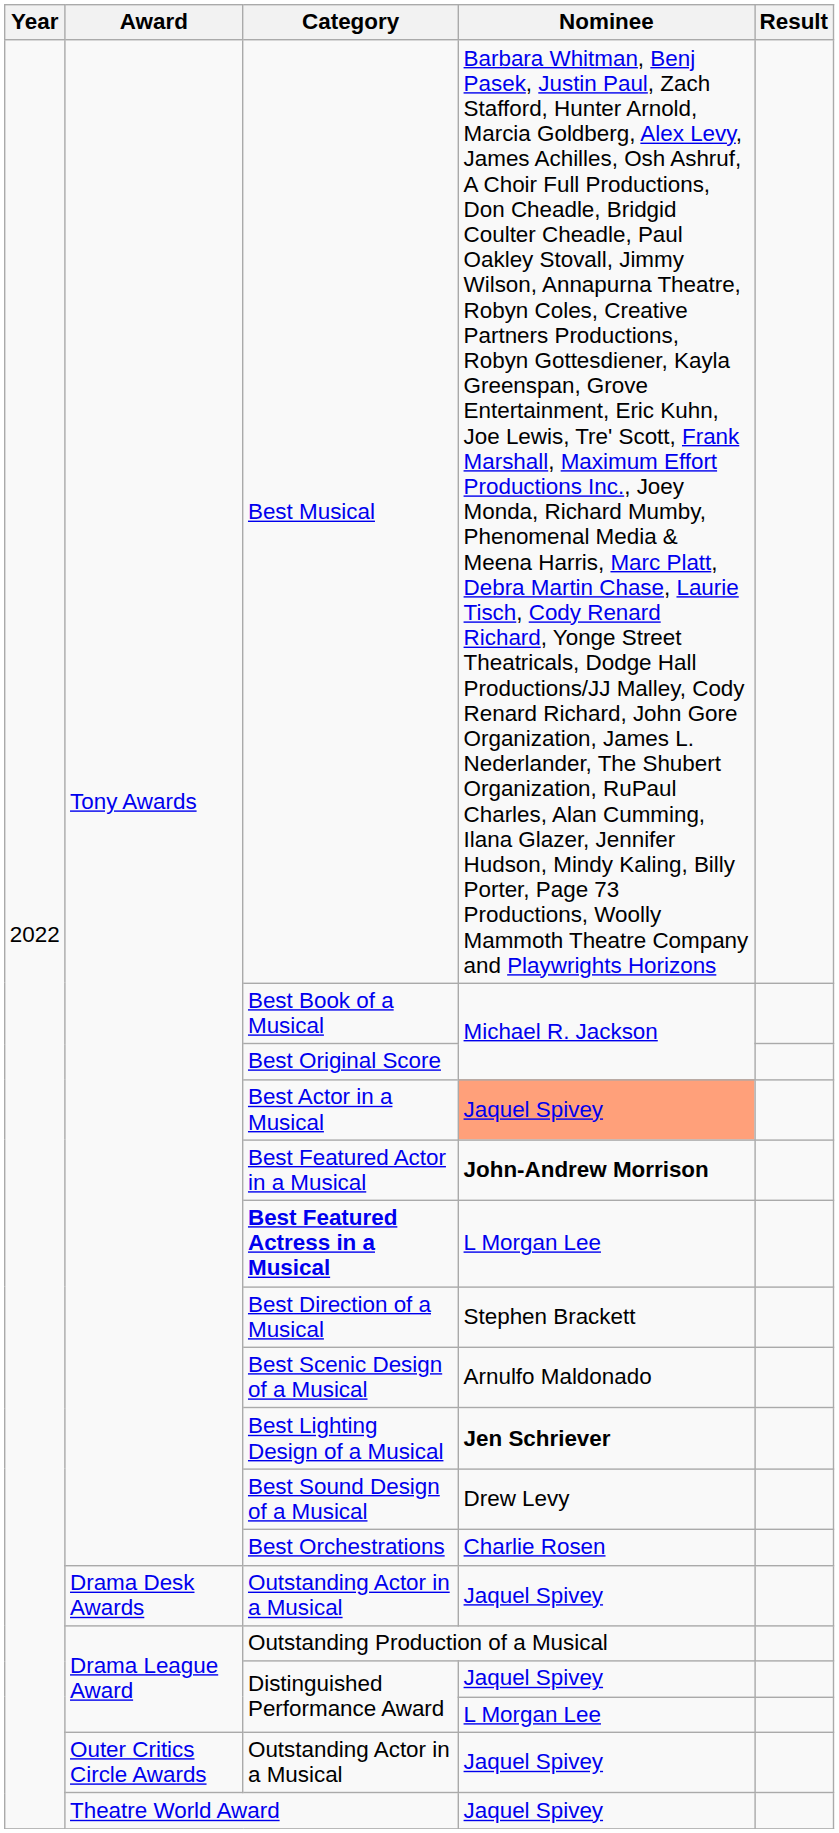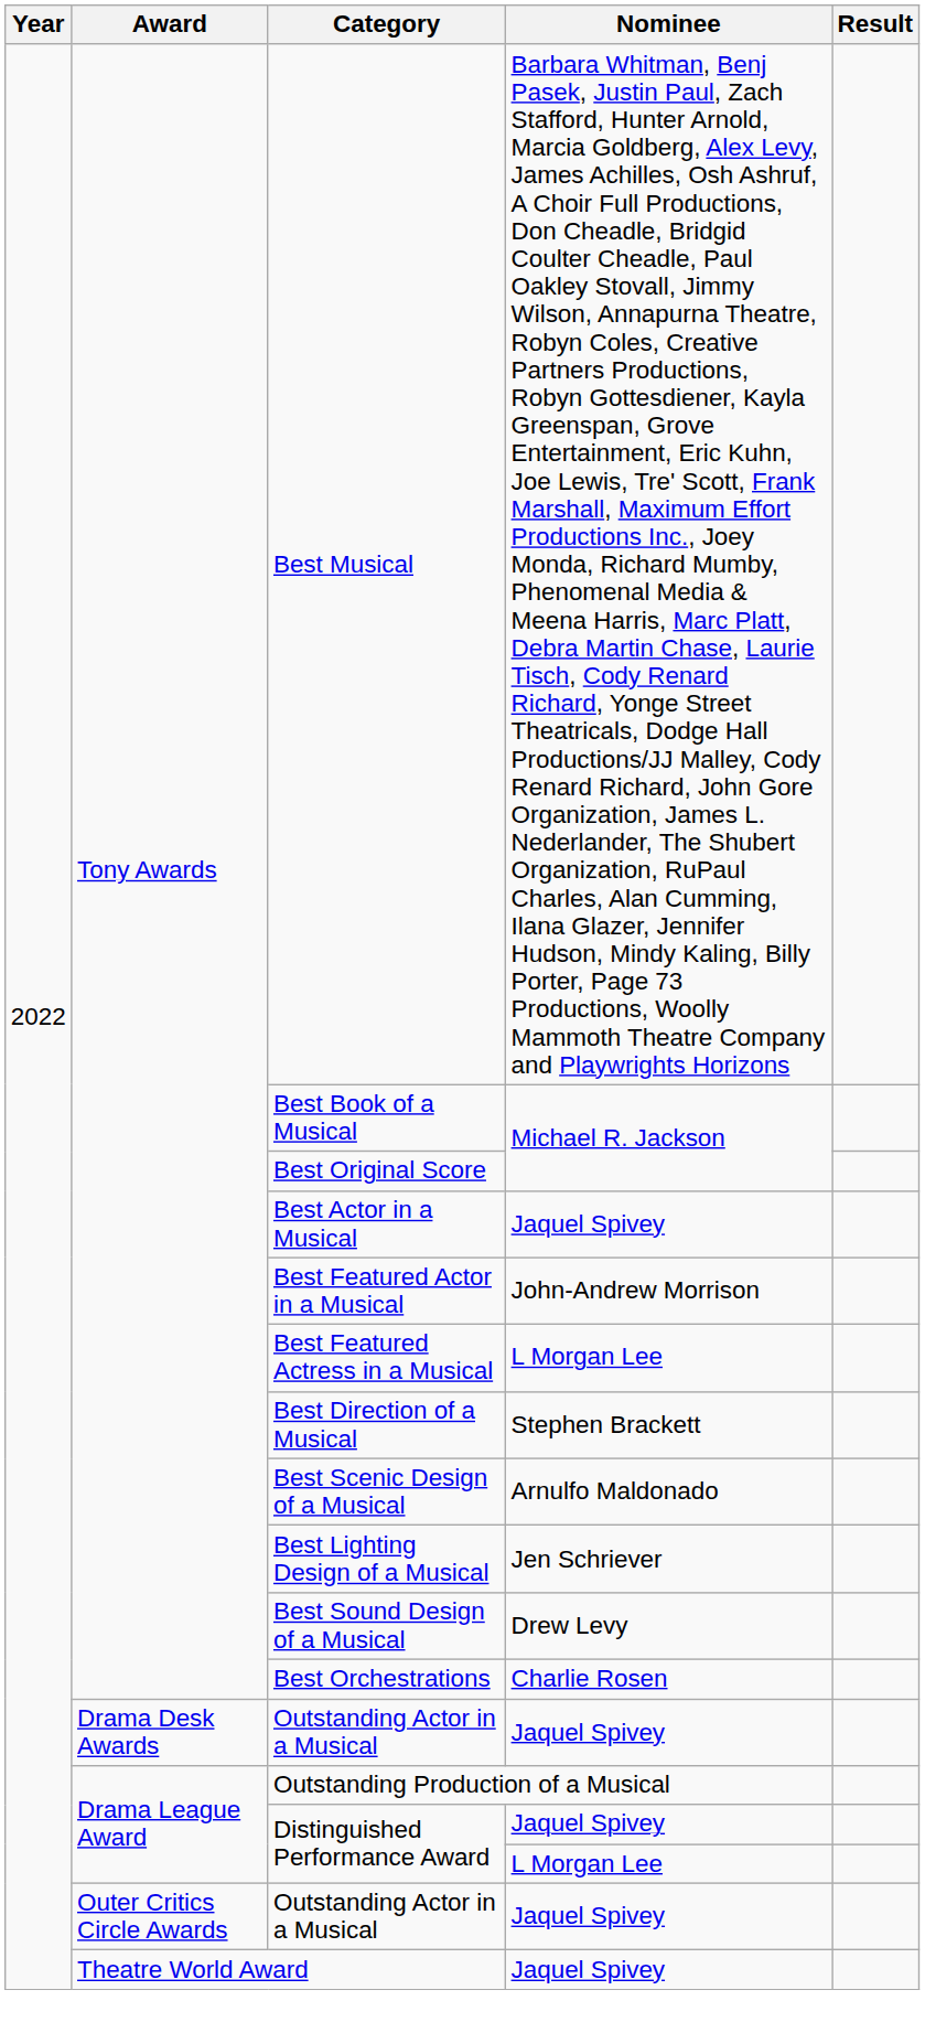 <table class="wikitable" width="95%">
 <tr>
 <th scope="col" width="3%">Year</th>
 <th scope="col" width="23%">Award</th>
 <th scope="col" width="27%">Category</th>
 <th scope="col" width="38%">Nominee</th>
 <th scope="col" width="8%">Result</th>
 </tr>
 <tr>
 <td rowspan="17">2022</td>
 <td rowspan="11"><a href='#'>Tony Awards</a></td>
 <td><a href='#'>Best Musical</a></td>
 <td><a href='#'>Barbara Whitman</a>, <a href='#'>Benj Pasek</a>, <a href='#'>Justin Paul</a>, Zach Stafford, Hunter Arnold, Marcia Goldberg, <a href='#'>Alex Levy</a>, James Achilles, Osh Ashruf, A Choir Full Productions, Don Cheadle, Bridgid Coulter Cheadle, Paul Oakley Stovall, Jimmy Wilson, Annapurna Theatre, Robyn Coles, Creative Partners Productions, Robyn Gottesdiener, Kayla Greenspan, Grove Entertainment, Eric Kuhn, Joe Lewis, Tre' Scott, <a href='#'>Frank Marshall</a>, <a href='#'>Maximum Effort Productions Inc.</a>, Joey Monda, Richard Mumby, Phenomenal Media & Meena Harris, <a href='#'>Marc Platt</a>, <a href='#'>Debra Martin Chase</a>, <a href='#'>Laurie Tisch</a>, <a href='#'>Cody Renard Richard</a>, Yonge Street Theatricals, Dodge Hall Productions/JJ Malley, Cody Renard Richard, John Gore Organization, James L. Nederlander, The Shubert Organization, RuPaul Charles, Alan Cumming, Ilana Glazer, Jennifer Hudson, Mindy Kaling, Billy Porter, Page 73 Productions, Woolly Mammoth Theatre Company and <a href='#'>Playwrights Horizons</a></td>
 <td></td>
 </tr>
 <tr>
 <td><a href='#'>Best Book of a Musical</a></td>
 <td rowspan="2"><a href='#'>Michael R. Jackson</a></td>
 <td></td>
 </tr>
 <tr>
 <td><a href='#'>Best Original Score</a></td>
 <td></td>
 </tr>
 <tr>
 <td><a href='#'>Best Actor in a Musical</a></td>
-<td style="background: lightsalmon;"><a href='#'>Jaquel Spivey</a></td>
+<td><a href='#'>Jaquel Spivey</a></td>
 <td></td>
 </tr>
 <tr>
 <td><a href='#'>Best Featured Actor in a Musical</a></td>
-<td><strong>John-Andrew Morrison</strong></td>
+<td>John-Andrew Morrison</td>
 <td></td>
 </tr>
 <tr>
-<td><strong><a href='#'>Best Featured Actress in a Musical</a></strong></td>
+<td><a href='#'>Best Featured Actress in a Musical</a></td>
 <td><a href='#'>L Morgan Lee</a></td>
 <td></td>
 </tr>
 <tr>
 <td><a href='#'>Best Direction of a Musical</a></td>
 <td>Stephen Brackett</td>
 <td></td>
 </tr>
 <tr>
 <td><a href='#'>Best Scenic Design of a Musical</a></td>
 <td>Arnulfo Maldonado</td>
 <td></td>
 </tr>
 <tr>
 <td><a href='#'>Best Lighting Design of a Musical</a></td>
-<td><strong>Jen Schriever</strong></td>
+<td>Jen Schriever</td>
 <td></td>
 </tr>
 <tr>
 <td><a href='#'>Best Sound Design of a Musical</a></td>
 <td>Drew Levy</td>
 <td></td>
 </tr>
 <tr>
 <td><a href='#'>Best Orchestrations</a></td>
 <td><a href='#'>Charlie Rosen</a></td>
 <td></td>
 </tr>
 <tr>
 <td><a href='#'>Drama Desk Awards</a></td>
 <td><a href='#'>Outstanding Actor in a Musical</a></td>
 <td><a href='#'>Jaquel Spivey</a></td>
 <td></td>
 </tr>
 <tr>
 <td rowspan="3"><a href='#'>Drama League Award</a></td>
 <td colspan="2">Outstanding Production of a Musical</td>
 <td></td>
 </tr>
 <tr>
 <td rowspan="2">Distinguished Performance Award</td>
 <td><a href='#'>Jaquel Spivey</a></td>
 <td></td>
 </tr>
 <tr>
 <td><a href='#'>L Morgan Lee</a></td>
 <td></td>
 </tr>
 <tr>
 <td><a href='#'>Outer Critics Circle Awards</a></td>
 <td>Outstanding Actor in a Musical</td>
 <td><a href='#'>Jaquel Spivey</a></td>
 <td></td>
 </tr>
 <tr>
 <td colspan="2"><a href='#'>Theatre World Award</a></td>
 <td><a href='#'>Jaquel Spivey</a></td>
 <td></td>
 </tr>
 </table>
